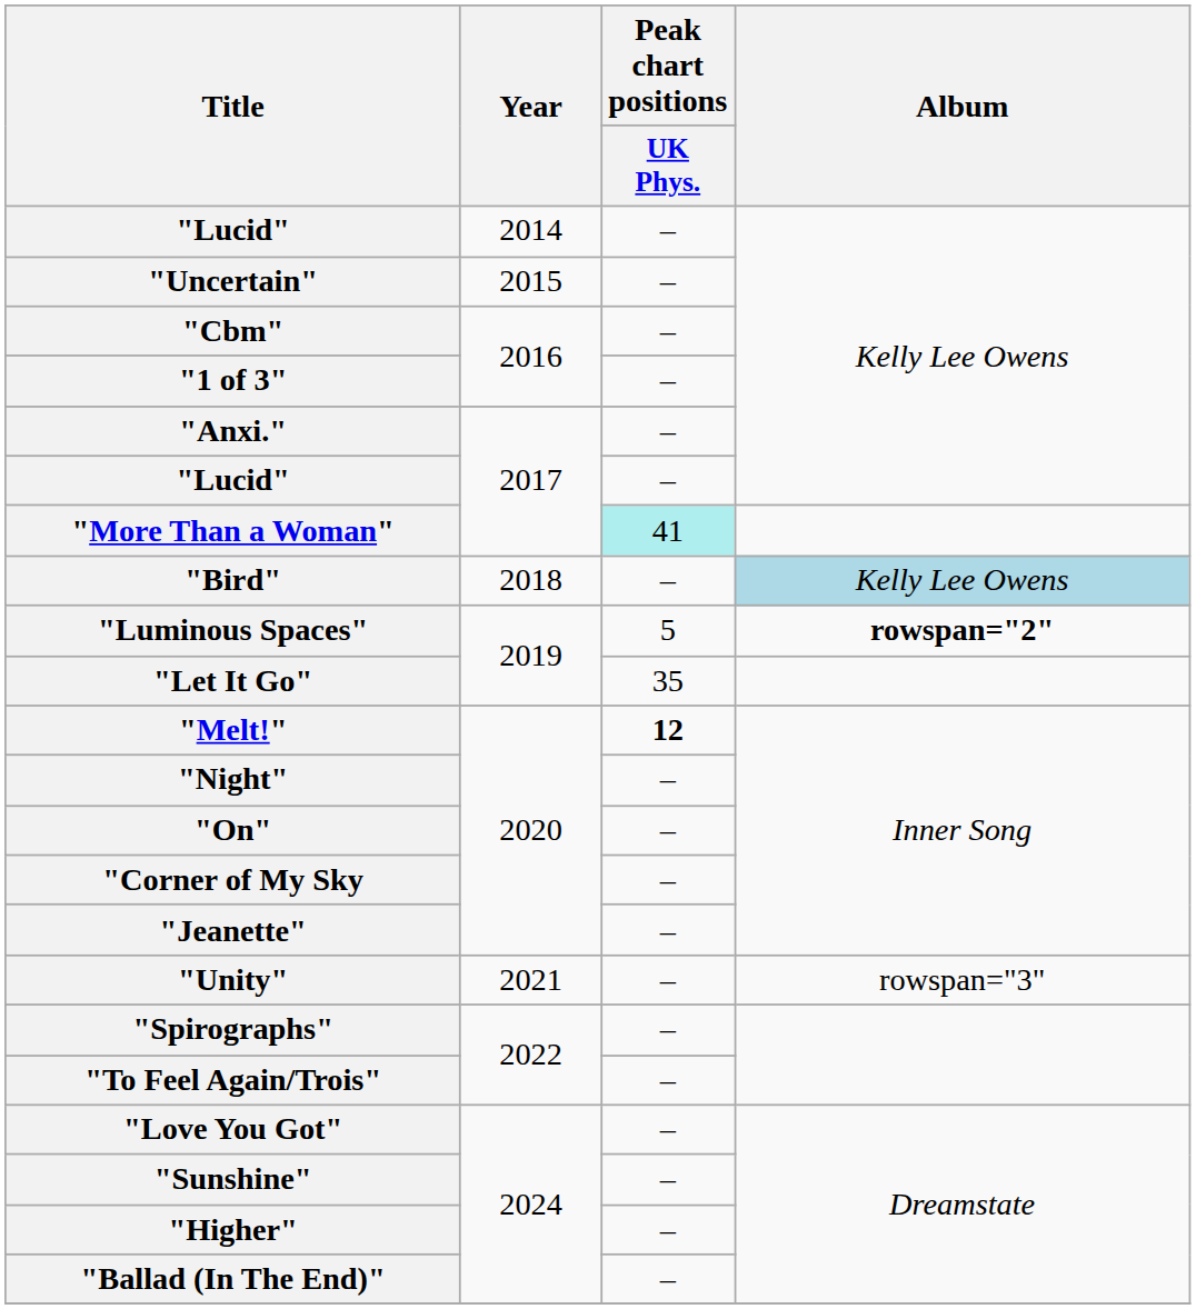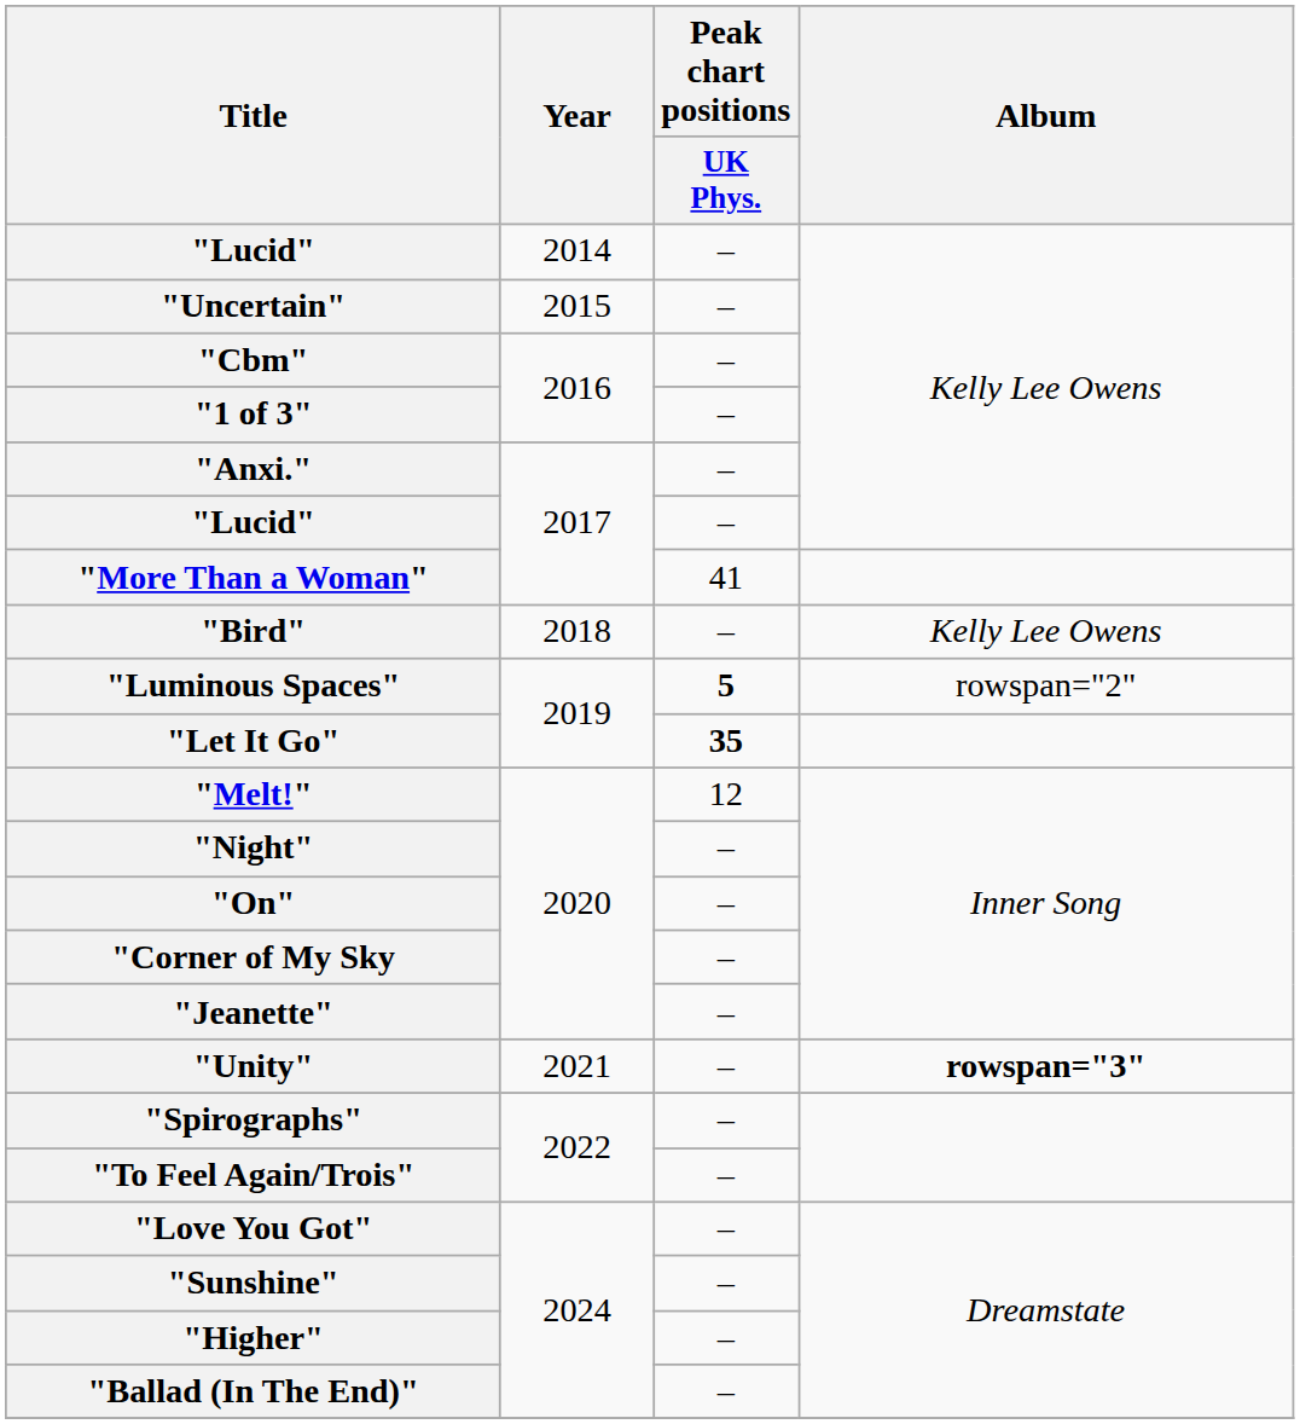 <table class="wikitable plainrowheaders" style="text-align:center;" border="1">
 <tr>
 <th scope="col" rowspan="2" style="width:14em;">Title</th>
 <th scope="col" rowspan="2" style="width:4em;">Year</th>
 <th scope="col" colspan="1">Peak chart positions</th>
 <th scope="col" rowspan="2" style="width:14em;">Album</th>
 </tr>
 <tr>
 <th scope="col" style="width:2em;font-size:90%;"><a href='#'>UK<br>Phys.</a><br></th>
 </tr>
 <tr>
 <th scope="row">"Lucid"<br></th>
 <td>2014</td>
 <td>–</td>
 <td rowspan="6"><em>Kelly Lee Owens</em></td>
 </tr>
 <tr>
 <th scope="row">"Uncertain"</th>
 <td>2015</td>
 <td>–</td>
 </tr>
 <tr>
 <th scope="row">"Cbm"</th>
 <td rowspan="2">2016</td>
 <td>–</td>
 </tr>
 <tr>
 <th scope="row">"1 of 3"</th>
 <td>–</td>
 </tr>
 <tr>
 <th scope="row">"Anxi."</th>
 <td rowspan="3">2017</td>
 <td>–</td>
 </tr>
 <tr>
 <th scope="row">"Lucid"</th>
 <td>–</td>
 </tr>
 <tr>
 <th scope="row">"<a href='#'>More Than a Woman</a>"</th>
-<td style="background: paleturquoise;">41</td>
+<td>41</td>
 <td></td>
 </tr>
 <tr>
 <th scope="row">"Bird"</th>
 <td>2018</td>
 <td>–</td>
-<td style="background: lightblue;"><em>Kelly Lee Owens</em></td>
+<td><em>Kelly Lee Owens</em></td>
 </tr>
 <tr>
 <th scope="row">"Luminous Spaces"<br></th>
 <td rowspan="2">2019</td>
-<td>5</td>
-<td><strong>rowspan="2" </strong></td>
+<td><strong>5</strong></td>
+<td>rowspan="2" </td>
 </tr>
 <tr>
 <th scope="row">"Let It Go"<br></th>
-<td>35</td>
+<td><strong>35</strong></td>
 </tr>
 <tr>
 <th scope="row">"<a href='#'>Melt!</a>"<br></th>
 <td rowspan="5">2020</td>
-<td><strong>12</strong></td>
+<td>12</td>
 <td rowspan="5"><em>Inner Song</em></td>
 </tr>
 <tr>
 <th scope="row">"Night"</th>
 <td>–</td>
 </tr>
 <tr>
 <th scope="row">"On"</th>
 <td>–</td>
 </tr>
 <tr>
 <th scope="row">"Corner of My Sky<br></th>
 <td>–</td>
 </tr>
 <tr>
 <th scope="row">"Jeanette"</th>
 <td>–</td>
 </tr>
 <tr>
 <th scope="row">"Unity"<br></th>
 <td>2021</td>
 <td>–</td>
-<td>rowspan="3" </td>
+<td><strong>rowspan="3" </strong></td>
 </tr>
 <tr>
 <th scope="row">"Spirographs"<br></th>
 <td rowspan="2">2022</td>
 <td>–</td>
 </tr>
 <tr>
 <th scope="row">"To Feel Again/Trois"<br></th>
 <td>–</td>
 </tr>
 <tr>
 <th scope="row">"Love You Got"</th>
 <td rowspan="4">2024</td>
 <td>–</td>
 <td rowspan="4"><em>Dreamstate</em></td>
 </tr>
 <tr>
 <th scope="row">"Sunshine"</th>
 <td>–</td>
 </tr>
 <tr>
 <th scope="row">"Higher"</th>
 <td>–</td>
 </tr>
 <tr>
 <th scope="row">"Ballad (In The End)"</th>
 <td>–</td>
 </tr>
 <tr>
 </tr>
 </table>
